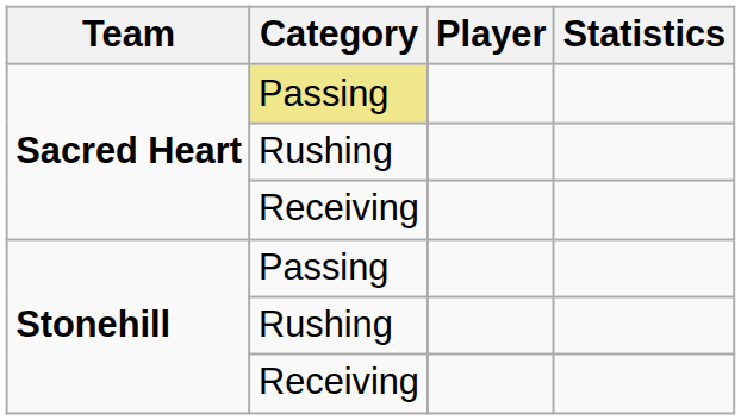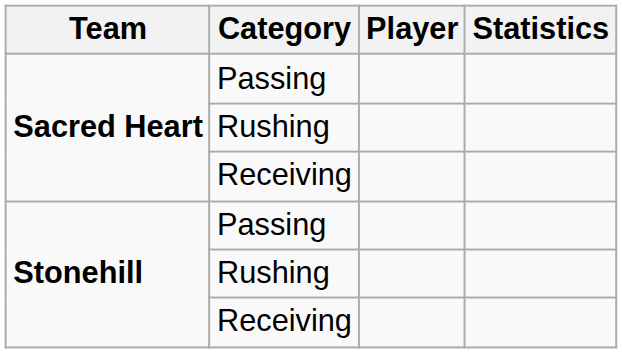 <table class="wikitable" style="float: right;">
 <tr>
 <th>Team</th>
 <th>Category</th>
 <th>Player</th>
 <th>Statistics</th>
 </tr>
 <tr>
 <td rowspan=3><strong>Sacred Heart</strong></td>
-<td style="background: khaki;">Passing</td>
+<td>Passing</td>
 <td></td>
 <td></td>
 </tr>
 <tr>
 <td>Rushing</td>
 <td></td>
 <td></td>
 </tr>
 <tr>
 <td>Receiving</td>
 <td></td>
 <td></td>
 </tr>
 <tr>
 <td rowspan=3><strong>Stonehill</strong></td>
 <td>Passing</td>
 <td></td>
 <td></td>
 </tr>
 <tr>
 <td>Rushing</td>
 <td></td>
 <td></td>
 </tr>
 <tr>
 <td>Receiving</td>
 <td></td>
 <td></td>
 </tr>
 </table>
